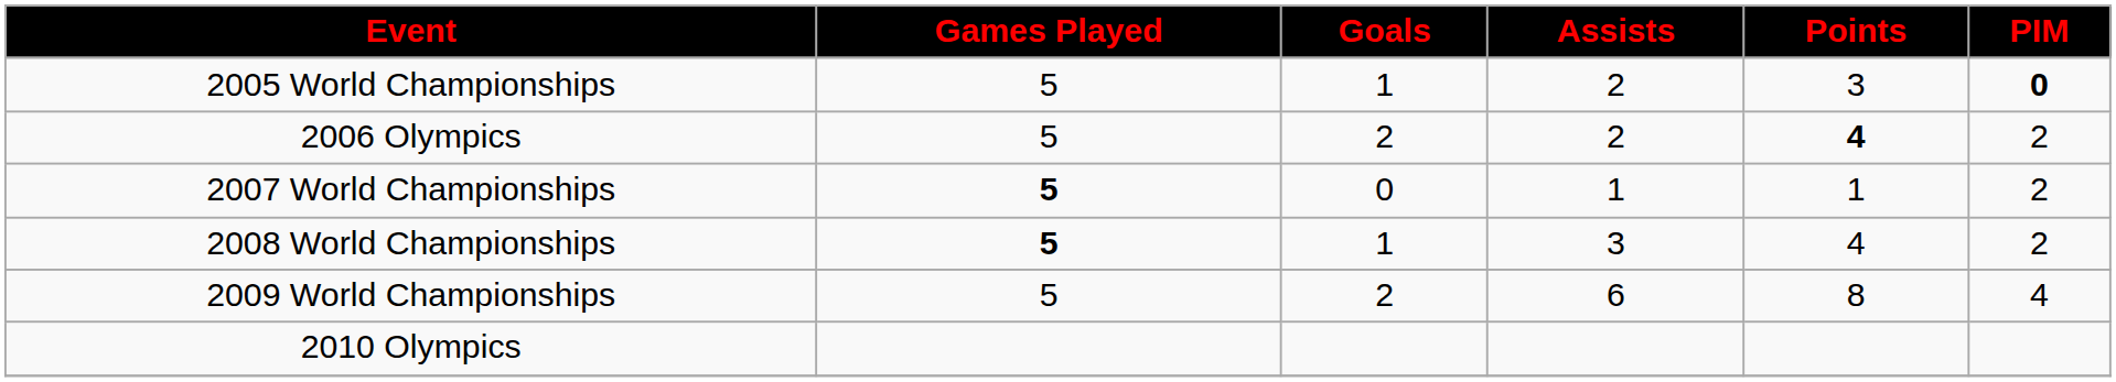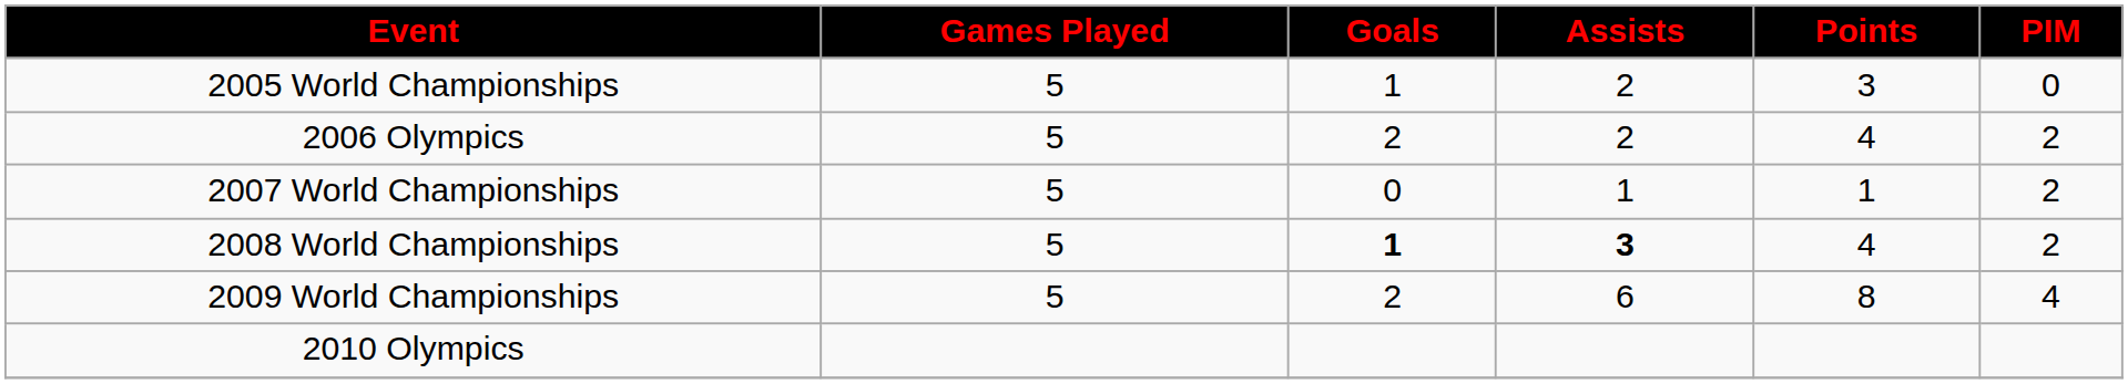 <table class="wikitable" width="80%">
 <tr align="center"  style="background:black;color:red;">
 <td><strong>Event</strong></td>
 <td><strong>Games Played</strong></td>
 <td><strong>Goals</strong></td>
 <td><strong>Assists</strong></td>
 <td><strong>Points</strong></td>
 <td><strong>PIM</strong></td>
 </tr>
 <tr align="center" bgcolor="">
 <td>2005 World Championships</td>
 <td>5</td>
 <td>1</td>
 <td>2</td>
 <td>3</td>
-<td><strong>0</strong></td>
+<td>0</td>
 </tr>
 <tr align="center" bgcolor="">
 <td>2006 Olympics</td>
 <td>5</td>
 <td>2</td>
 <td>2</td>
-<td><strong>4</strong></td>
+<td>4</td>
 <td>2</td>
 </tr>
 <tr align="center" bgcolor="">
 <td>2007 World Championships</td>
-<td><strong>5</strong></td>
+<td>5</td>
 <td>0</td>
 <td>1</td>
 <td>1</td>
 <td>2</td>
 </tr>
 <tr align="center" bgcolor="">
 <td>2008 World Championships</td>
-<td><strong>5</strong></td>
-<td>1</td>
-<td>3</td>
+<td>5</td>
+<td><strong>1</strong></td>
+<td><strong>3</strong></td>
 <td>4</td>
 <td>2</td>
 </tr>
 <tr align="center" bgcolor="">
 <td>2009 World Championships</td>
 <td>5</td>
 <td>2</td>
 <td>6</td>
 <td>8</td>
 <td>4</td>
 </tr>
 <tr align="center" bgcolor="">
 <td>2010 Olympics</td>
 <td></td>
 <td></td>
 <td></td>
 <td></td>
 <td></td>
 </tr>
 <tr align="center" bgcolor="">
 </tr>
 </table>
